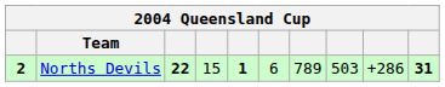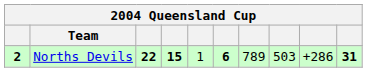 <table class="wikitable" style="text-align:center;">
 <tr>
 <th colspan="11">2004 Queensland Cup</th>
 </tr>
 <tr>
 <th width="20"></th>
 <th>Team</th>
 <th width="20"></th>
 <th width="20"></th>
 <th width="20"></th>
 <th width="20"></th>
 <th width="25"></th>
 <th width="25"></th>
 <th width="30"></th>
 <th width="20"></th>
 </tr>
 <tr style="background: #ccffcc;">
 <td><strong>2</strong></td>
 <td style="text-align:left;"> <a href='#'>Norths Devils</a></td>
 <td><strong>22</strong></td>
-<td>15</td>
-<td><strong>1</strong></td>
-<td>6</td>
+<td><strong>15</strong></td>
+<td>1</td>
+<td><strong>6</strong></td>
 <td>789</td>
 <td>503</td>
 <td>+286</td>
 <td><strong>31</strong></td>
 </tr>
 </table>
